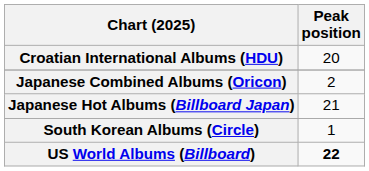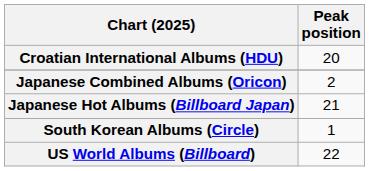 <table class="wikitable sortable plainrowheaders" style="text-align:center">
 <tr>
 <th scope="col">Chart (2025)</th>
 <th scope="col">Peak<br>position</th>
 </tr>
 <tr>
 <th scope="row">Croatian International Albums (<a href='#'>HDU</a>)</th>
 <td>20</td>
 </tr>
 <tr>
 </tr>
 <tr>
 <th scope="row">Japanese Combined Albums (<a href='#'>Oricon</a>)</th>
 <td>2</td>
 </tr>
 <tr>
 <th scope="row">Japanese Hot Albums (<em><a href='#'>Billboard Japan</a></em>)</th>
 <td>21</td>
 </tr>
 <tr>
 </tr>
 <tr>
 <th scope="row">South Korean Albums (<a href='#'>Circle</a>)</th>
 <td>1</td>
 </tr>
 <tr>
 <th scope="row">US <a href='#'>World Albums</a> (<em><a href='#'>Billboard</a></em>)</th>
-<td><strong>22</strong></td>
+<td>22</td>
 </tr>
 </table>
